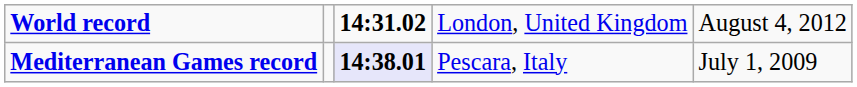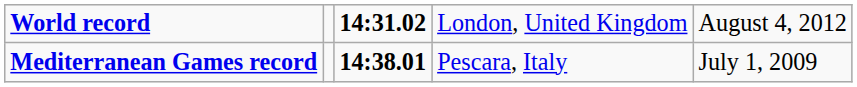 <table class="wikitable">
 <tr>
 <td><strong><a href='#'>World record</a></strong></td>
 <td></td>
 <td><strong>14:31.02</strong></td>
 <td><a href='#'>London</a>, <a href='#'>United Kingdom</a></td>
 <td>August 4, 2012</td>
 </tr>
 <tr>
 <td><strong><a href='#'>Mediterranean Games record</a></strong></td>
 <td></td>
-<td style="background: lavender;"><strong>14:38.01</strong></td>
+<td><strong>14:38.01</strong></td>
 <td><a href='#'>Pescara</a>, <a href='#'>Italy</a></td>
 <td>July 1, 2009</td>
 </tr>
 </table>
